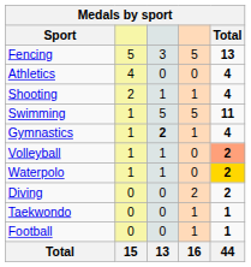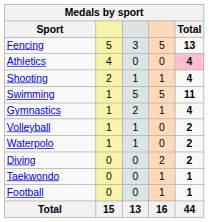 <table class="wikitable" style="font-size:90%; text-align:center;">
 <tr style="background:#efefef;">
 <th colspan=5>Medals by sport</th>
 </tr>
 <tr>
 <th width=120>Sport</th>
 <th scope="col" width=30 style="background:#F7F6A8;"></th>
 <th scope="col" width=30 style="background:#DCE5E5;"></th>
 <th scope="col" width=30 style="background:#FFDAB9;"></th>
 <th width=30>Total</th>
 </tr>
 <tr>
 <td align=left><a href='#'>Fencing</a></td>
 <td style="background:#F7F6A8;">5</td>
 <td style="background:#DCE5E5;">3</td>
 <td style="background:#FFDAB9;">5</td>
 <td><strong>13</strong></td>
 </tr>
 <tr>
 <td align=left><a href='#'>Athletics</a></td>
 <td style="background:#F7F6A8;">4</td>
 <td style="background:#DCE5E5;">0</td>
 <td style="background:#FFDAB9;">0</td>
-<td><strong>4</strong></td>
+<td style="background: pink;"><strong>4</strong></td>
 </tr>
 <tr>
 <td align=left><a href='#'>Shooting</a></td>
 <td style="background:#F7F6A8;">2</td>
 <td style="background:#DCE5E5;">1</td>
 <td style="background:#FFDAB9;">1</td>
 <td><strong>4</strong></td>
 </tr>
 <tr>
 <td align=left><a href='#'>Swimming</a></td>
 <td style="background:#F7F6A8;">1</td>
 <td style="background:#DCE5E5;">5</td>
 <td style="background:#FFDAB9;">5</td>
 <td><strong>11</strong></td>
 </tr>
 <tr>
 <td align=left><a href='#'>Gymnastics</a></td>
 <td style="background:#F7F6A8;">1</td>
-<td style="background:#DCE5E5;"><strong>2</strong></td>
+<td style="background:#DCE5E5;">2</td>
 <td style="background:#FFDAB9;">1</td>
 <td><strong>4</strong></td>
 </tr>
 <tr>
 <td align=left><a href='#'>Volleyball</a></td>
 <td style="background:#F7F6A8;">1</td>
 <td style="background:#DCE5E5;">1</td>
 <td style="background:#FFDAB9;">0</td>
-<td style="background: lightsalmon;"><strong>2</strong></td>
+<td><strong>2</strong></td>
 </tr>
 <tr>
 <td align=left><a href='#'>Waterpolo</a></td>
 <td style="background:#F7F6A8;">1</td>
 <td style="background:#DCE5E5;">1</td>
 <td style="background:#FFDAB9;">0</td>
-<td style="background: gold;"><strong>2</strong></td>
+<td><strong>2</strong></td>
 </tr>
 <tr>
 <td align=left><a href='#'>Diving</a></td>
 <td style="background:#F7F6A8;">0</td>
 <td style="background:#DCE5E5;">0</td>
 <td style="background:#FFDAB9;">2</td>
 <td><strong>2</strong></td>
 </tr>
 <tr>
 <td align=left><a href='#'>Taekwondo</a></td>
 <td style="background:#F7F6A8;">0</td>
 <td style="background:#DCE5E5;">0</td>
 <td style="background:#FFDAB9;">1</td>
 <td><strong>1</strong></td>
 </tr>
 <tr>
 <td align=left><a href='#'>Football</a></td>
 <td style="background:#F7F6A8;">0</td>
 <td style="background:#DCE5E5;">0</td>
 <td style="background:#FFDAB9;">1</td>
 <td><strong>1</strong></td>
 </tr>
 <tr class="sortbottom">
 <th>Total</th>
 <th>15</th>
 <th>13</th>
 <th>16</th>
 <th>44</th>
 </tr>
 </table>
